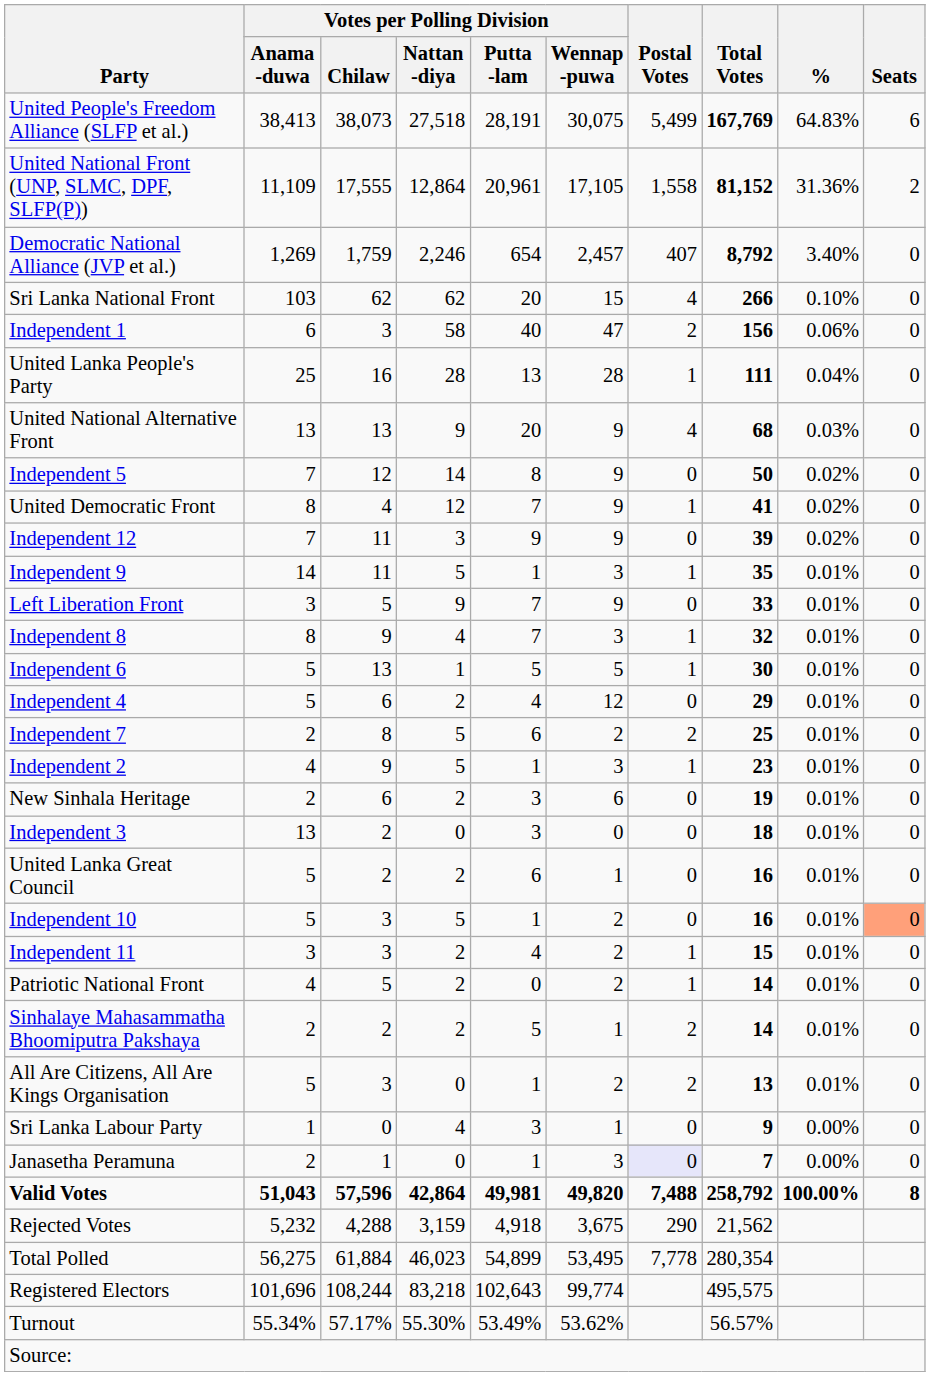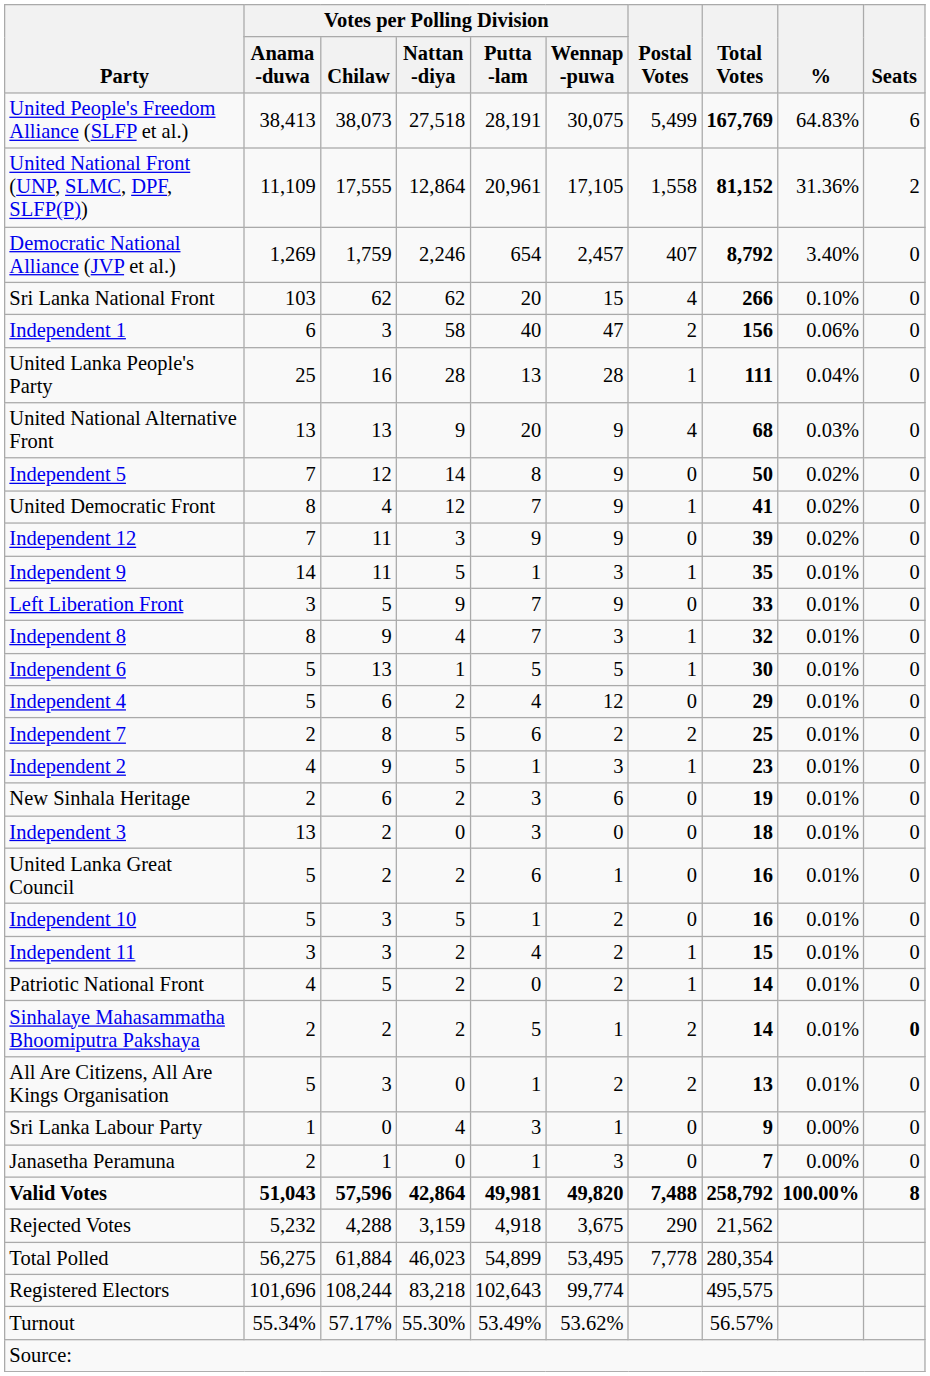 <table class="wikitable" border="1" style="text-align:right;">
 <tr>
 <th align=left valign=bottom rowspan=2 width="180">Party</th>
 <th colspan=5>Votes per Polling Division</th>
 <th align=center valign=bottom rowspan=2 width="50">Postal<br>Votes</th>
 <th align=center valign=bottom rowspan=2 width="50">Total Votes</th>
 <th align=center valign=bottom rowspan=2 width="50">%</th>
 <th align=center valign=bottom rowspan=2 width="40">Seats</th>
 </tr>
 <tr>
 <th align=center valign=bottom width="50">Anama<br>-duwa</th>
 <th align=center valign=bottom width="50">Chilaw</th>
 <th align=center valign=bottom width="50">Nattan<br>-diya</th>
 <th align=center valign=bottom width="50">Putta<br>-lam</th>
 <th align=center valign=bottom width="50">Wennap<br>-puwa</th>
 </tr>
 <tr>
 <td align=left><a href='#'>United People's Freedom Alliance</a> (<a href='#'>SLFP</a> et al.)</td>
 <td>38,413</td>
 <td>38,073</td>
 <td>27,518</td>
 <td>28,191</td>
 <td>30,075</td>
 <td>5,499</td>
 <td><strong>167,769</strong></td>
 <td>64.83%</td>
 <td>6</td>
 </tr>
 <tr>
 <td align=left><a href='#'>United National Front</a><br>(<a href='#'>UNP</a>, <a href='#'>SLMC</a>, <a href='#'>DPF</a>, <a href='#'>SLFP(P)</a>)</td>
 <td>11,109</td>
 <td>17,555</td>
 <td>12,864</td>
 <td>20,961</td>
 <td>17,105</td>
 <td>1,558</td>
 <td><strong>81,152</strong></td>
 <td>31.36%</td>
 <td>2</td>
 </tr>
 <tr>
 <td align=left><a href='#'>Democratic National Alliance</a> (<a href='#'>JVP</a> et al.)</td>
 <td>1,269</td>
 <td>1,759</td>
 <td>2,246</td>
 <td>654</td>
 <td>2,457</td>
 <td>407</td>
 <td><strong>8,792</strong></td>
 <td>3.40%</td>
 <td>0</td>
 </tr>
 <tr>
 <td align=left>Sri Lanka National Front</td>
 <td>103</td>
 <td>62</td>
 <td>62</td>
 <td>20</td>
 <td>15</td>
 <td>4</td>
 <td><strong>266</strong></td>
 <td>0.10%</td>
 <td>0</td>
 </tr>
 <tr>
 <td align=left><a href='#'>Independent 1</a></td>
 <td>6</td>
 <td>3</td>
 <td>58</td>
 <td>40</td>
 <td>47</td>
 <td>2</td>
 <td><strong>156</strong></td>
 <td>0.06%</td>
 <td>0</td>
 </tr>
 <tr>
 <td align=left>United Lanka People's Party</td>
 <td>25</td>
 <td>16</td>
 <td>28</td>
 <td>13</td>
 <td>28</td>
 <td>1</td>
 <td><strong>111</strong></td>
 <td>0.04%</td>
 <td>0</td>
 </tr>
 <tr>
 <td align=left>United National Alternative Front</td>
 <td>13</td>
 <td>13</td>
 <td>9</td>
 <td>20</td>
 <td>9</td>
 <td>4</td>
 <td><strong>68</strong></td>
 <td>0.03%</td>
 <td>0</td>
 </tr>
 <tr>
 <td align=left><a href='#'>Independent 5</a></td>
 <td>7</td>
 <td>12</td>
 <td>14</td>
 <td>8</td>
 <td>9</td>
 <td>0</td>
 <td><strong>50</strong></td>
 <td>0.02%</td>
 <td>0</td>
 </tr>
 <tr>
 <td align=left>United Democratic Front</td>
 <td>8</td>
 <td>4</td>
 <td>12</td>
 <td>7</td>
 <td>9</td>
 <td>1</td>
 <td><strong>41</strong></td>
 <td>0.02%</td>
 <td>0</td>
 </tr>
 <tr>
 <td align=left><a href='#'>Independent 12</a></td>
 <td>7</td>
 <td>11</td>
 <td>3</td>
 <td>9</td>
 <td>9</td>
 <td>0</td>
 <td><strong>39</strong></td>
 <td>0.02%</td>
 <td>0</td>
 </tr>
 <tr>
 <td align=left><a href='#'>Independent 9</a></td>
 <td>14</td>
 <td>11</td>
 <td>5</td>
 <td>1</td>
 <td>3</td>
 <td>1</td>
 <td><strong>35</strong></td>
 <td>0.01%</td>
 <td>0</td>
 </tr>
 <tr>
 <td align=left><a href='#'>Left Liberation Front</a></td>
 <td>3</td>
 <td>5</td>
 <td>9</td>
 <td>7</td>
 <td>9</td>
 <td>0</td>
 <td><strong>33</strong></td>
 <td>0.01%</td>
 <td>0</td>
 </tr>
 <tr>
 <td align=left><a href='#'>Independent 8</a></td>
 <td>8</td>
 <td>9</td>
 <td>4</td>
 <td>7</td>
 <td>3</td>
 <td>1</td>
 <td><strong>32</strong></td>
 <td>0.01%</td>
 <td>0</td>
 </tr>
 <tr>
 <td align=left><a href='#'>Independent 6</a></td>
 <td>5</td>
 <td>13</td>
 <td>1</td>
 <td>5</td>
 <td>5</td>
 <td>1</td>
 <td><strong>30</strong></td>
 <td>0.01%</td>
 <td>0</td>
 </tr>
 <tr>
 <td align=left><a href='#'>Independent 4</a></td>
 <td>5</td>
 <td>6</td>
 <td>2</td>
 <td>4</td>
 <td>12</td>
 <td>0</td>
 <td><strong>29</strong></td>
 <td>0.01%</td>
 <td>0</td>
 </tr>
 <tr>
 <td align=left><a href='#'>Independent 7</a></td>
 <td>2</td>
 <td>8</td>
 <td>5</td>
 <td>6</td>
 <td>2</td>
 <td>2</td>
 <td><strong>25</strong></td>
 <td>0.01%</td>
 <td>0</td>
 </tr>
 <tr>
 <td align=left><a href='#'>Independent 2</a></td>
 <td>4</td>
 <td>9</td>
 <td>5</td>
 <td>1</td>
 <td>3</td>
 <td>1</td>
 <td><strong>23</strong></td>
 <td>0.01%</td>
 <td>0</td>
 </tr>
 <tr>
 <td align=left>New Sinhala Heritage</td>
 <td>2</td>
 <td>6</td>
 <td>2</td>
 <td>3</td>
 <td>6</td>
 <td>0</td>
 <td><strong>19</strong></td>
 <td>0.01%</td>
 <td>0</td>
 </tr>
 <tr>
 <td align=left><a href='#'>Independent 3</a></td>
 <td>13</td>
 <td>2</td>
 <td>0</td>
 <td>3</td>
 <td>0</td>
 <td>0</td>
 <td><strong>18</strong></td>
 <td>0.01%</td>
 <td>0</td>
 </tr>
 <tr>
 <td align=left>United Lanka Great Council</td>
 <td>5</td>
 <td>2</td>
 <td>2</td>
 <td>6</td>
 <td>1</td>
 <td>0</td>
 <td><strong>16</strong></td>
 <td>0.01%</td>
 <td>0</td>
 </tr>
 <tr>
 <td align=left><a href='#'>Independent 10</a></td>
 <td>5</td>
 <td>3</td>
 <td>5</td>
 <td>1</td>
 <td>2</td>
 <td>0</td>
 <td><strong>16</strong></td>
 <td>0.01%</td>
-<td style="background: lightsalmon;">0</td>
+<td>0</td>
 </tr>
 <tr>
 <td align=left><a href='#'>Independent 11</a></td>
 <td>3</td>
 <td>3</td>
 <td>2</td>
 <td>4</td>
 <td>2</td>
 <td>1</td>
 <td><strong>15</strong></td>
 <td>0.01%</td>
 <td>0</td>
 </tr>
 <tr>
 <td align=left>Patriotic National Front</td>
 <td>4</td>
 <td>5</td>
 <td>2</td>
 <td>0</td>
 <td>2</td>
 <td>1</td>
 <td><strong>14</strong></td>
 <td>0.01%</td>
 <td>0</td>
 </tr>
 <tr>
 <td align=left><a href='#'>Sinhalaye Mahasammatha Bhoomiputra Pakshaya</a></td>
 <td>2</td>
 <td>2</td>
 <td>2</td>
 <td>5</td>
 <td>1</td>
 <td>2</td>
 <td><strong>14</strong></td>
 <td>0.01%</td>
-<td>0</td>
+<td><strong>0</strong></td>
 </tr>
 <tr>
 <td align=left>All Are Citizens, All Are Kings Organisation</td>
 <td>5</td>
 <td>3</td>
 <td>0</td>
 <td>1</td>
 <td>2</td>
 <td>2</td>
 <td><strong>13</strong></td>
 <td>0.01%</td>
 <td>0</td>
 </tr>
 <tr>
 <td align=left>Sri Lanka Labour Party</td>
 <td>1</td>
 <td>0</td>
 <td>4</td>
 <td>3</td>
 <td>1</td>
 <td>0</td>
 <td><strong>9</strong></td>
 <td>0.00%</td>
 <td>0</td>
 </tr>
 <tr>
 <td align=left>Janasetha Peramuna</td>
 <td>2</td>
 <td>1</td>
 <td>0</td>
 <td>1</td>
 <td>3</td>
-<td style="background: lavender;">0</td>
+<td>0</td>
 <td><strong>7</strong></td>
 <td>0.00%</td>
 <td>0</td>
 </tr>
 <tr>
 <td align=left><strong>Valid Votes</strong></td>
 <td><strong>51,043</strong></td>
 <td><strong>57,596</strong></td>
 <td><strong>42,864</strong></td>
 <td><strong>49,981</strong></td>
 <td><strong>49,820</strong></td>
 <td><strong>7,488</strong></td>
 <td><strong>258,792</strong></td>
 <td><strong>100.00%</strong></td>
 <td><strong>8</strong></td>
 </tr>
 <tr>
 <td align=left>Rejected Votes</td>
 <td>5,232</td>
 <td>4,288</td>
 <td>3,159</td>
 <td>4,918</td>
 <td>3,675</td>
 <td>290</td>
 <td>21,562</td>
 <td></td>
 <td></td>
 </tr>
 <tr>
 <td align=left>Total Polled</td>
 <td>56,275</td>
 <td>61,884</td>
 <td>46,023</td>
 <td>54,899</td>
 <td>53,495</td>
 <td>7,778</td>
 <td>280,354</td>
 <td></td>
 <td></td>
 </tr>
 <tr>
 <td align=left>Registered Electors</td>
 <td>101,696</td>
 <td>108,244</td>
 <td>83,218</td>
 <td>102,643</td>
 <td>99,774</td>
 <td></td>
 <td>495,575</td>
 <td></td>
 <td></td>
 </tr>
 <tr>
 <td align=left>Turnout</td>
 <td>55.34%</td>
 <td>57.17%</td>
 <td>55.30%</td>
 <td>53.49%</td>
 <td>53.62%</td>
 <td></td>
 <td>56.57%</td>
 <td></td>
 <td></td>
 </tr>
 <tr>
 <td align=left colspan=11>Source:</td>
 </tr>
 </table>
